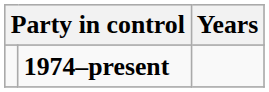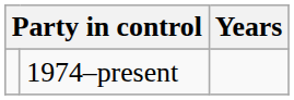 <table class="wikitable">
 <tr>
 <th colspan=2>Party in control</th>
 <th>Years</th>
 </tr>
 <tr>
 <td></td>
-<td><strong>1974–present</strong></td>
+<td>1974–present</td>
 </tr>
 </table>
